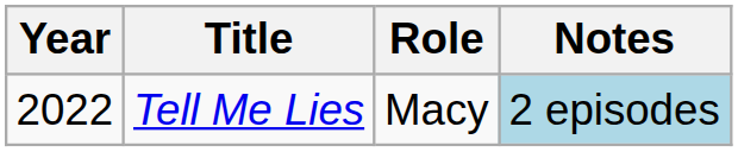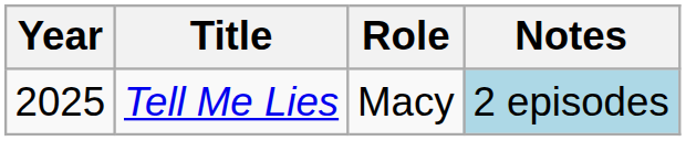 <table class="wikitable">
 <tr>
 <th>Year</th>
 <th>Title</th>
 <th>Role</th>
 <th>Notes</th>
 </tr>
 <tr>
-<td>2022</td>
+<td>2025</td>
 <td><em><a href='#'>Tell Me Lies</a></em></td>
 <td>Macy</td>
 <td style="background: lightblue;">2 episodes</td>
 </tr>
 </table>
